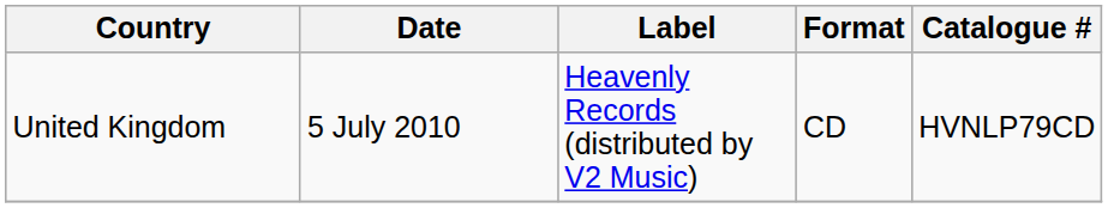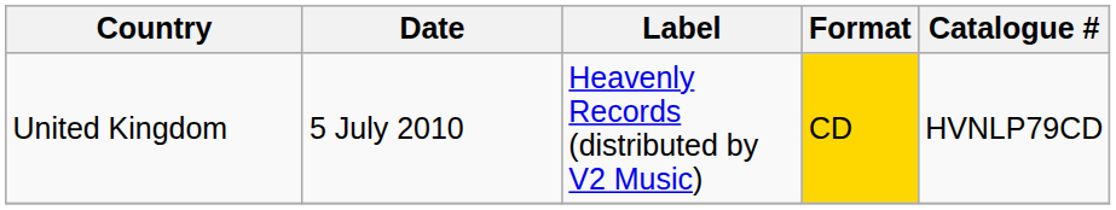 <table class="wikitable">
 <tr>
 <th width="150px">Country</th>
 <th width="130px">Date</th>
 <th width="120px">Label</th>
 <th>Format</th>
 <th>Catalogue #</th>
 </tr>
 <tr>
 <td>United Kingdom</td>
 <td>5 July 2010</td>
 <td><a href='#'>Heavenly Records</a><br>(distributed by <a href='#'>V2 Music</a>)</td>
-<td>CD</td>
+<td style="background: gold;">CD</td>
 <td>HVNLP79CD</td>
 </tr>
 <tr>
 </tr>
 </table>
